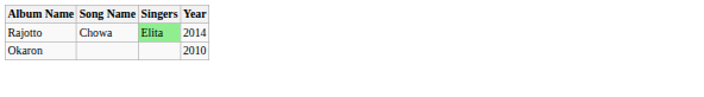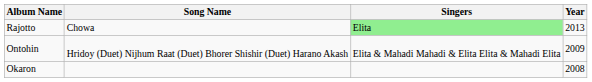 <table class="wikitable">
 <tr>
 <th>Album Name</th>
 <th>Song Name</th>
 <th>Singers</th>
 <th>Year</th>
 </tr>
 <tr>
 <td>Rajotto</td>
 <td>Chowa</td>
 <td style="background: lightgreen;">Elita</td>
-<td>2014</td>
+<td>2013</td>
+</tr>
+<tr>
+<td>Ontohin</td>
+<td><br>Hridoy (Duet) Nijhum Raat (Duet) Bhorer Shishir (Duet) Harano Akash</td>
+<td><br>Elita & Mahadi Mahadi & Elita Elita & Mahadi Elita</td>
+<td>2009</td>
 </tr>
 <tr>
 <td>Okaron</td>
 <td></td>
 <td></td>
-<td>2010</td>
+<td>2008</td>
 </tr>
 </table>
